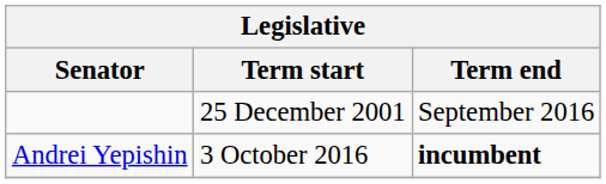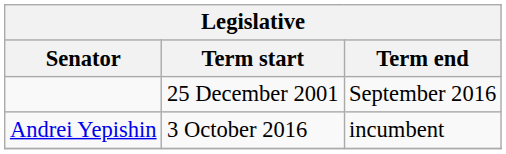 <table class="wikitable sortable">
 <tr>
 <th colspan=3>Legislative</th>
 </tr>
 <tr>
 <th>Senator</th>
 <th>Term start</th>
 <th>Term end</th>
 </tr>
 <tr>
 <td></td>
 <td>25 December 2001</td>
 <td>September 2016</td>
 </tr>
 <tr>
 <td><a href='#'>Andrei Yepishin</a></td>
 <td>3 October 2016</td>
-<td><strong>incumbent</strong></td>
+<td>incumbent</td>
 </tr>
 <tr>
 </tr>
 </table>
